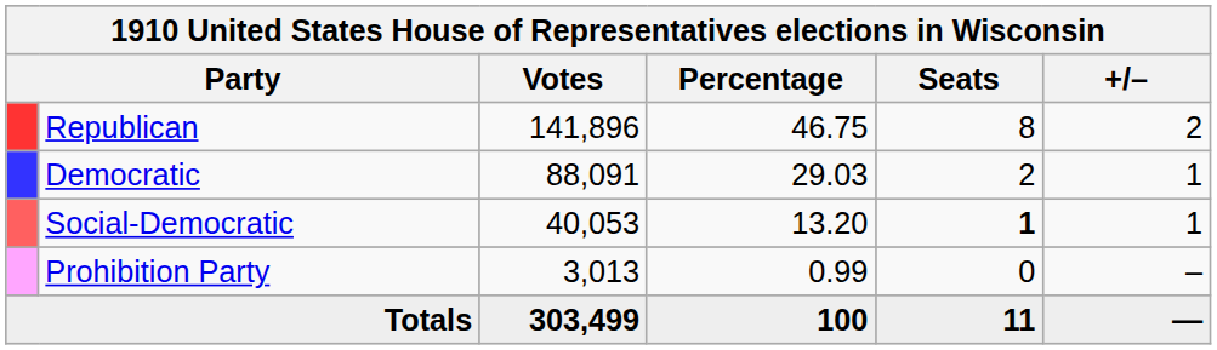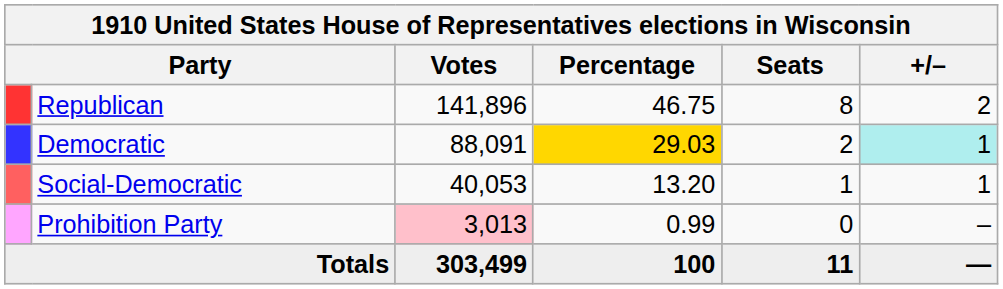 <table class="wikitable" style="font-size: 95%;">
 <tr>
 <th colspan="6">1910 United States House of Representatives elections in Wisconsin</th>
 </tr>
 <tr>
 <th colspan=2 style="width: 15em">Party</th>
 <th style="width: 5em">Votes</th>
 <th style="width: 7em">Percentage</th>
 <th style="width: 5em">Seats</th>
 <th style="width: 5em">+/–</th>
 </tr>
 <tr>
 <th style="background:#f33; width:3px;"></th>
 <td style="width: 130px"><a href='#'>Republican</a></td>
 <td style="text-align:right;">141,896</td>
 <td style="text-align:right;">46.75</td>
 <td style="text-align:right;">8</td>
 <td style="text-align:right;">2</td>
 </tr>
 <tr>
 <th style="background:#33f; width:3px;"></th>
 <td style="width: 130px"><a href='#'>Democratic</a></td>
 <td style="text-align:right;">88,091</td>
-<td style="text-align:right;">29.03</td>
+<td style="background: gold; text-align:right;">29.03</td>
 <td style="text-align:right;">2</td>
-<td style="text-align:right;">1</td>
+<td style="background: paleturquoise; text-align:right;">1</td>
 </tr>
 <tr>
 <th style="background:#FF6060 ; width:3px;"></th>
 <td style="width: 130px"><a href='#'>Social-Democratic</a></td>
 <td style="text-align:right;">40,053</td>
 <td style="text-align:right;">13.20</td>
-<td style="text-align:right;"><strong>1</strong></td>
+<td style="text-align:right;">1</td>
 <td style="text-align:right;">1</td>
 </tr>
 <tr>
 <th style="background:#ffa6ff ; width:3px;"></th>
 <td style="width: 130px"><a href='#'>Prohibition Party</a></td>
-<td style="text-align:right;">3,013</td>
+<td style="background: pink; text-align:right;">3,013</td>
 <td style="text-align:right;">0.99</td>
 <td style="text-align:right;">0</td>
 <td style="text-align:right;">–</td>
 </tr>
 <tr style="background:#eee; text-align:right;">
 <td colspan="2"><strong>Totals</strong></td>
 <td><strong>303,499</strong></td>
 <td><strong>100</strong></td>
 <td><strong>11</strong></td>
 <td><strong>—</strong></td>
 </tr>
 </table>
